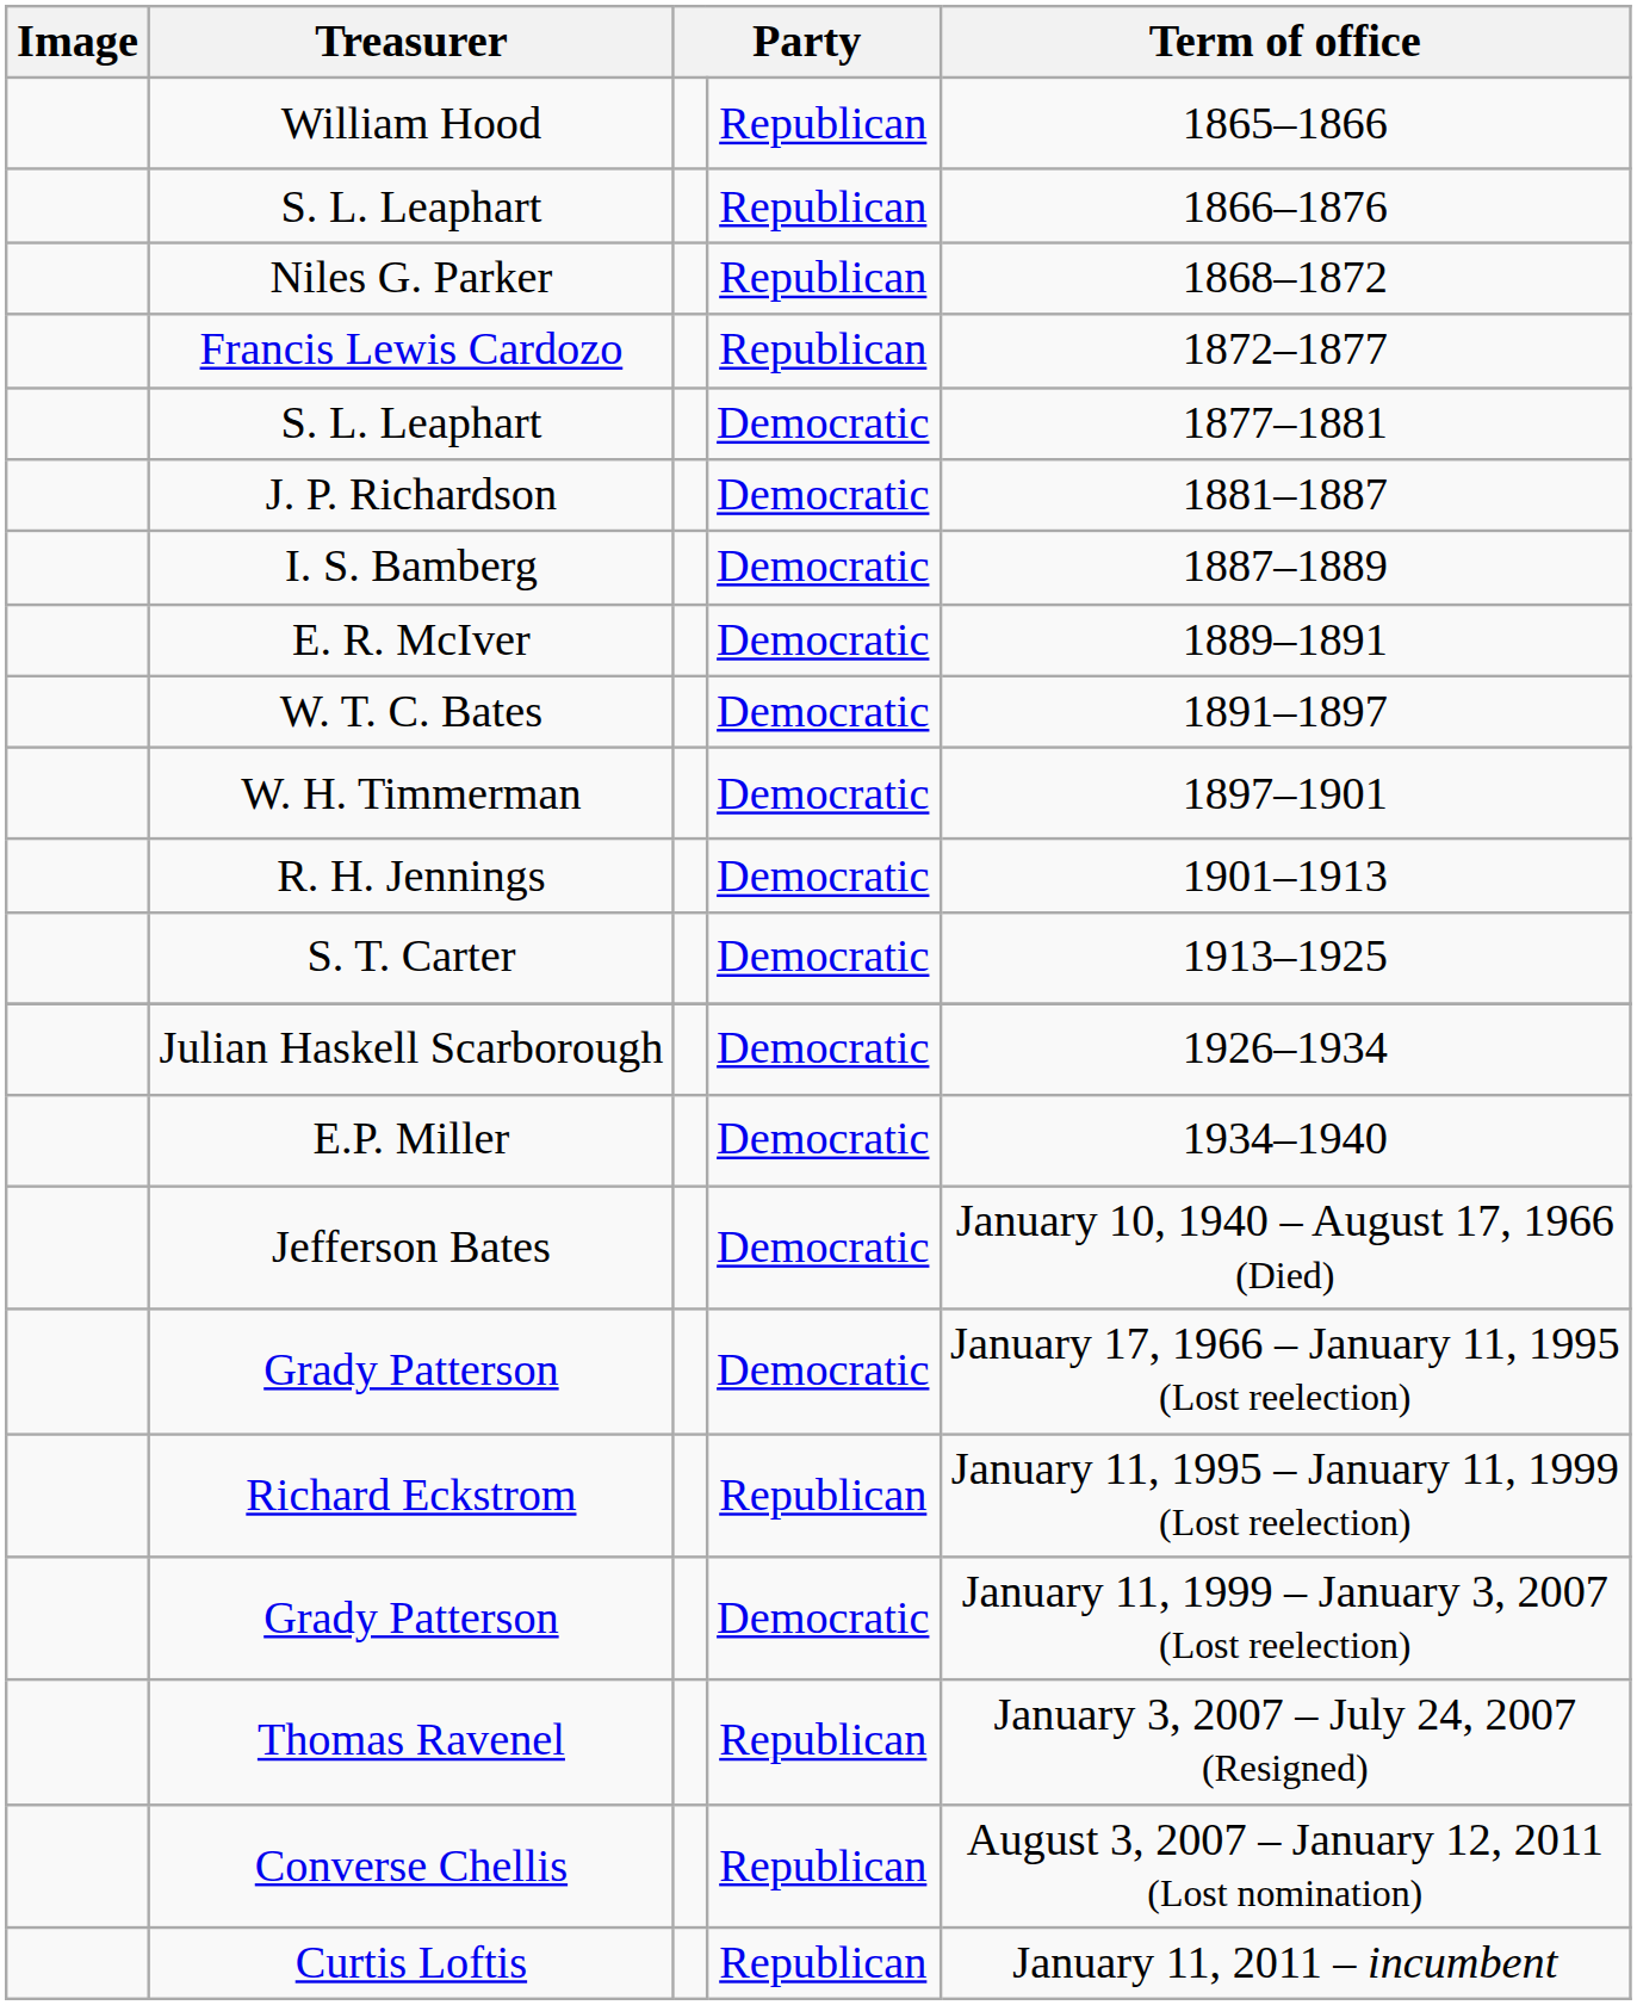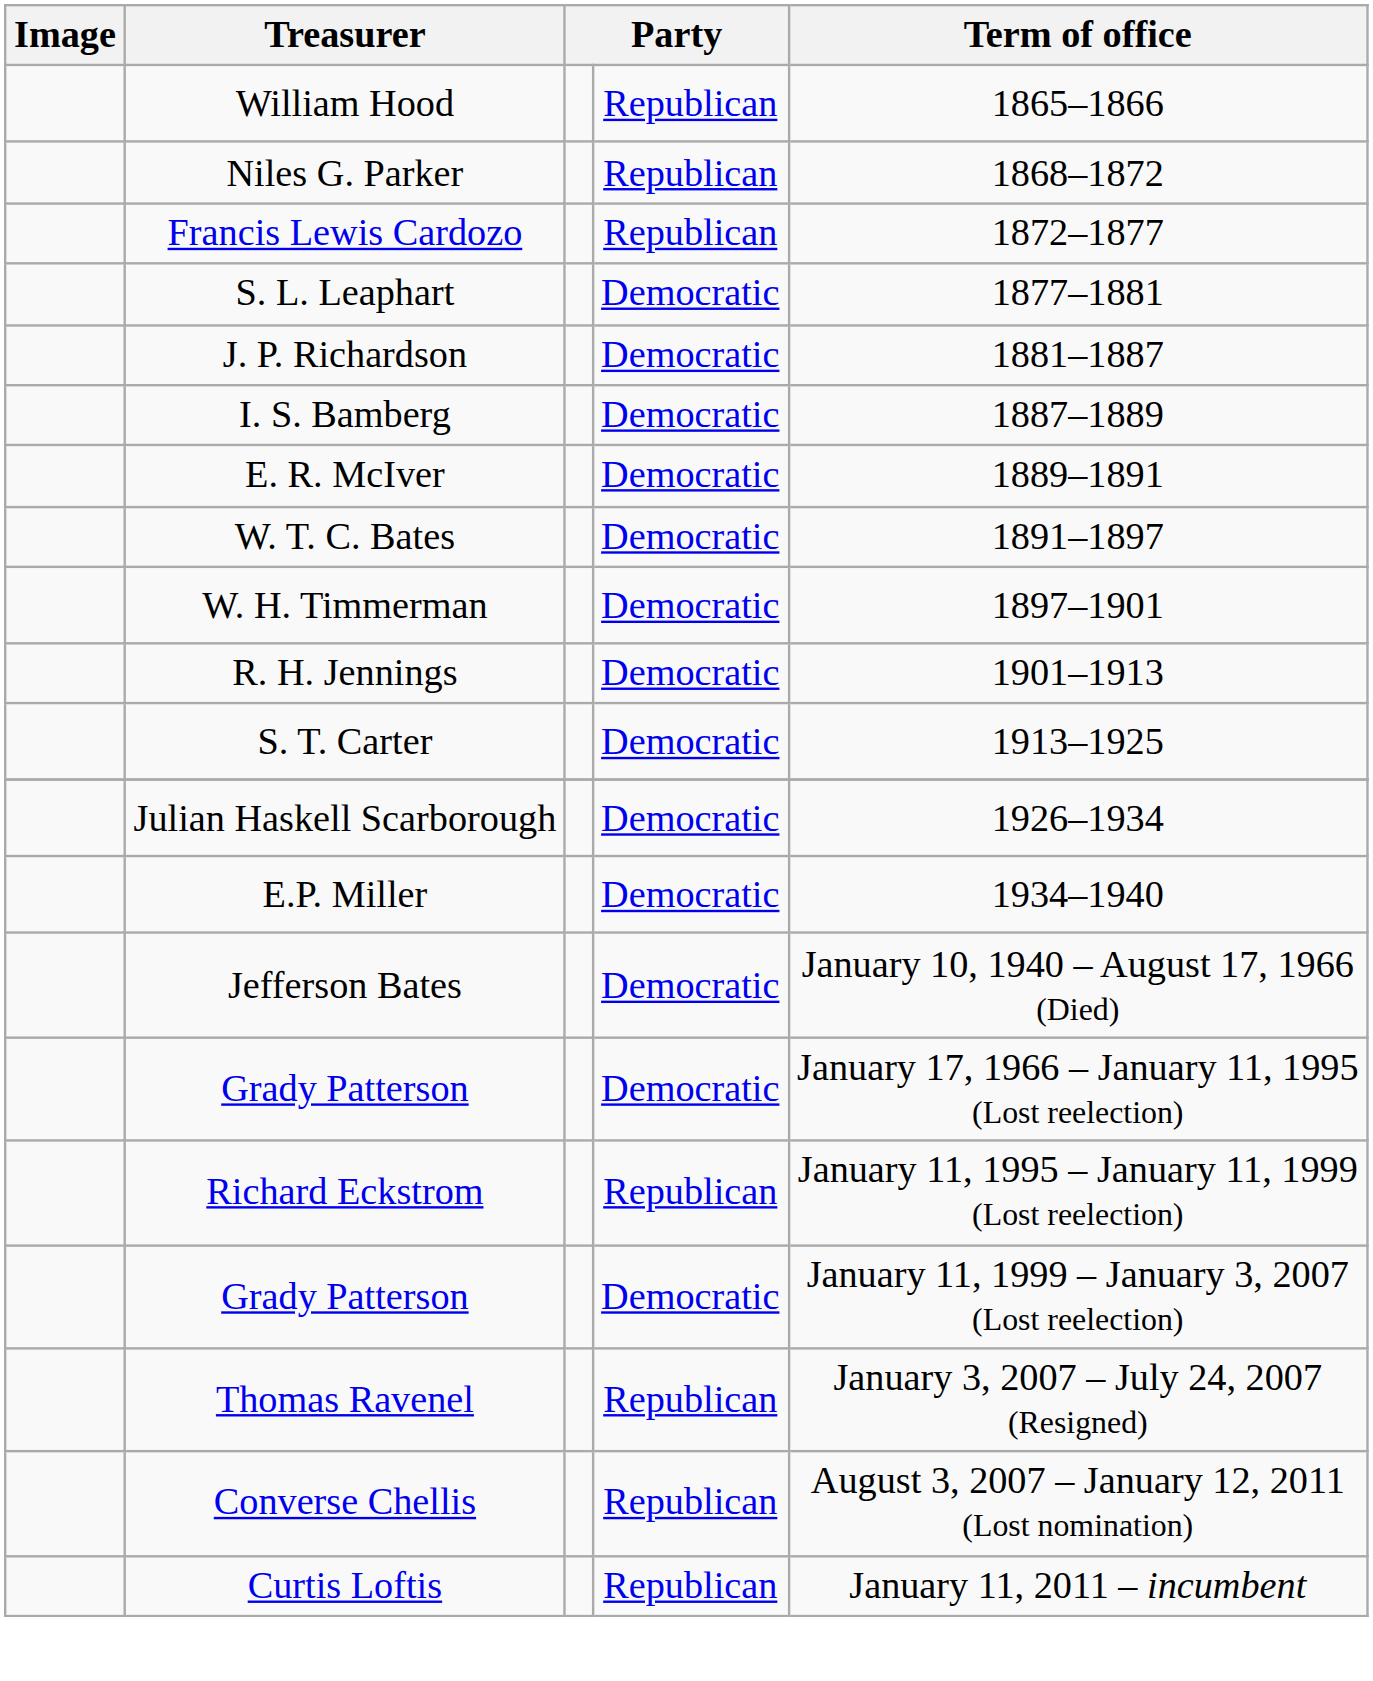 <table class="wikitable sortable" style="text-align: center;">
 <tr>
 <th>Image</th>
 <th>Treasurer</th>
 <th scope="col" colspan="2">Party</th>
 <th>Term of office</th>
 </tr>
 <tr style="height:2em;">
 <td></td>
 <td>William Hood</td>
 <td style="background:"> </td>
 <td><a href='#'>Republican</a></td>
 <td>1865–1866</td>
-</tr>
-<tr>
-<td></td>
-<td>S. L. Leaphart</td>
-<td style="background:"> </td>
-<td><a href='#'>Republican</a></td>
-<td>1866–1876</td>
 </tr>
 <tr>
 <td></td>
 <td>Niles G. Parker</td>
 <td style="background:"> </td>
 <td><a href='#'>Republican</a></td>
 <td>1868–1872</td>
 </tr>
 <tr>
 <td></td>
 <td><a href='#'>Francis Lewis Cardozo</a></td>
 <td style="background:"> </td>
 <td><a href='#'>Republican</a></td>
 <td>1872–1877</td>
 </tr>
 <tr>
 <td></td>
 <td>S. L. Leaphart</td>
 <td style="background:"> </td>
 <td><a href='#'>Democratic</a></td>
 <td>1877–1881</td>
 </tr>
 <tr>
 <td></td>
 <td>J. P. Richardson</td>
 <td style="background:"> </td>
 <td><a href='#'>Democratic</a></td>
 <td>1881–1887</td>
 </tr>
 <tr>
 <td></td>
 <td>I. S. Bamberg</td>
 <td style="background:"> </td>
 <td><a href='#'>Democratic</a></td>
 <td>1887–1889</td>
 </tr>
 <tr>
 <td></td>
 <td>E. R. McIver</td>
 <td style="background:"> </td>
 <td><a href='#'>Democratic</a></td>
 <td>1889–1891</td>
 </tr>
 <tr>
 <td></td>
 <td>W. T. C. Bates</td>
 <td style="background:"> </td>
 <td><a href='#'>Democratic</a></td>
 <td>1891–1897</td>
 </tr>
 <tr style="height:2em;">
 <td></td>
 <td>W. H. Timmerman</td>
 <td style="background:"> </td>
 <td><a href='#'>Democratic</a></td>
 <td>1897–1901</td>
 </tr>
 <tr>
 <td></td>
 <td>R. H. Jennings</td>
 <td style="background:"> </td>
 <td><a href='#'>Democratic</a></td>
 <td>1901–1913</td>
 </tr>
 <tr style="height:2em;">
 <td></td>
 <td>S. T. Carter</td>
 <td style="background:"> </td>
 <td><a href='#'>Democratic</a></td>
 <td>1913–1925</td>
 </tr>
 <tr>
 </tr>
 <tr style="height:2em;">
 <td></td>
 <td>Julian Haskell Scarborough</td>
 <td style="background:"> </td>
 <td><a href='#'>Democratic</a></td>
 <td>1926–1934</td>
 </tr>
 <tr style="height:2em;">
 <td></td>
 <td>E.P. Miller</td>
 <td style="background:"> </td>
 <td><a href='#'>Democratic</a></td>
 <td>1934–1940</td>
 </tr>
 <tr>
 <td></td>
 <td>Jefferson Bates</td>
 <td style="background:"> </td>
 <td><a href='#'>Democratic</a></td>
 <td>January 10, 1940 – August 17, 1966<br><small>(Died)</small></td>
 </tr>
 <tr>
 <td></td>
 <td><a href='#'>Grady Patterson</a></td>
 <td style="background:"> </td>
 <td><a href='#'>Democratic</a></td>
 <td>January 17, 1966 – January 11, 1995<br><small>(Lost reelection)</small></td>
 </tr>
 <tr>
 <td></td>
 <td><a href='#'>Richard Eckstrom</a></td>
 <td style="background:"> </td>
 <td><a href='#'>Republican</a></td>
 <td>January 11, 1995 – January 11, 1999<br><small>(Lost reelection)</small></td>
 </tr>
 <tr>
 <td></td>
 <td><a href='#'>Grady Patterson</a></td>
 <td style="background:"> </td>
 <td><a href='#'>Democratic</a></td>
 <td>January 11, 1999 – January 3, 2007<br><small>(Lost reelection)</small></td>
 </tr>
 <tr>
 <td></td>
 <td><a href='#'>Thomas Ravenel</a></td>
 <td style="background:"> </td>
 <td><a href='#'>Republican</a></td>
 <td>January 3, 2007 – July 24, 2007<br><small>(Resigned)</small></td>
 </tr>
 <tr>
 <td></td>
 <td><a href='#'>Converse Chellis</a></td>
 <td style="background:"> </td>
 <td><a href='#'>Republican</a></td>
 <td>August 3, 2007 – January 12, 2011<br><small>(Lost nomination)</small></td>
 </tr>
 <tr>
 <td></td>
 <td><a href='#'>Curtis Loftis</a></td>
 <td style="background:"> </td>
 <td><a href='#'>Republican</a></td>
 <td>January 11, 2011 – <em>incumbent</em></td>
 </tr>
 </table>
